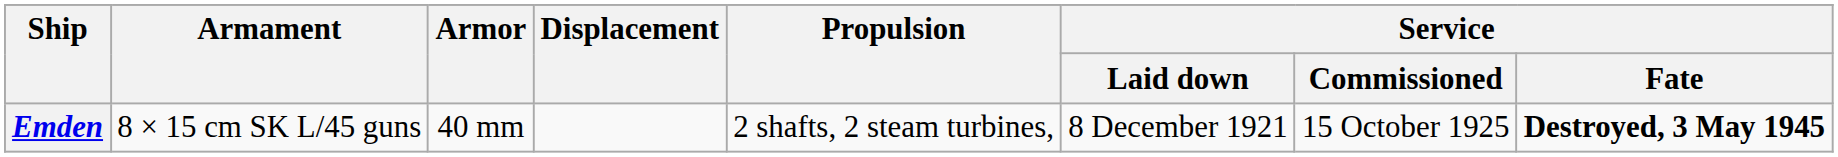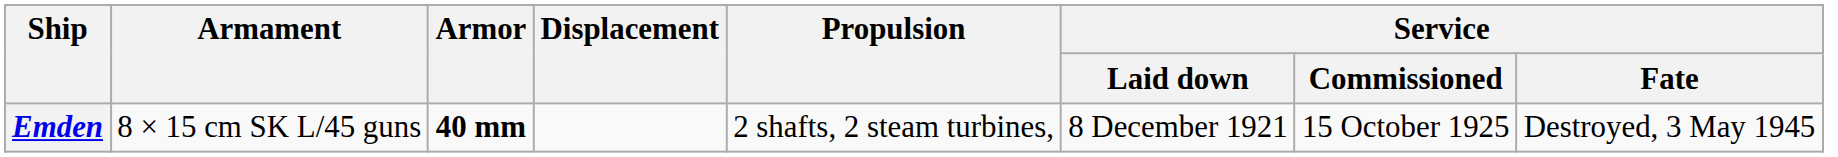 <table class="wikitable plainrowheaders" style="text-align: center;">
 <tr valign="top">
 <th scope="col" rowspan="2">Ship</th>
 <th scope="col" rowspan="2">Armament</th>
 <th scope="col" rowspan="2">Armor</th>
 <th scope="col" rowspan="2">Displacement</th>
 <th scope="col" rowspan="2">Propulsion</th>
 <th scope="col" colspan="3">Service</th>
 </tr>
 <tr valign="top">
 <th scope="col">Laid down</th>
 <th scope="col">Commissioned</th>
 <th scope="col">Fate</th>
 </tr>
 <tr valign="center">
 <th scope="row"><a href='#'><em>Emden</em></a></th>
 <td>8 × 15 cm SK L/45 guns</td>
-<td>40 mm</td>
+<td><strong>40 mm</strong></td>
 <td></td>
 <td>2 shafts, 2 steam turbines, </td>
 <td>8 December 1921</td>
 <td>15 October 1925</td>
-<td><strong>Destroyed, 3 May 1945</strong></td>
+<td>Destroyed, 3 May 1945</td>
 </tr>
 </table>
